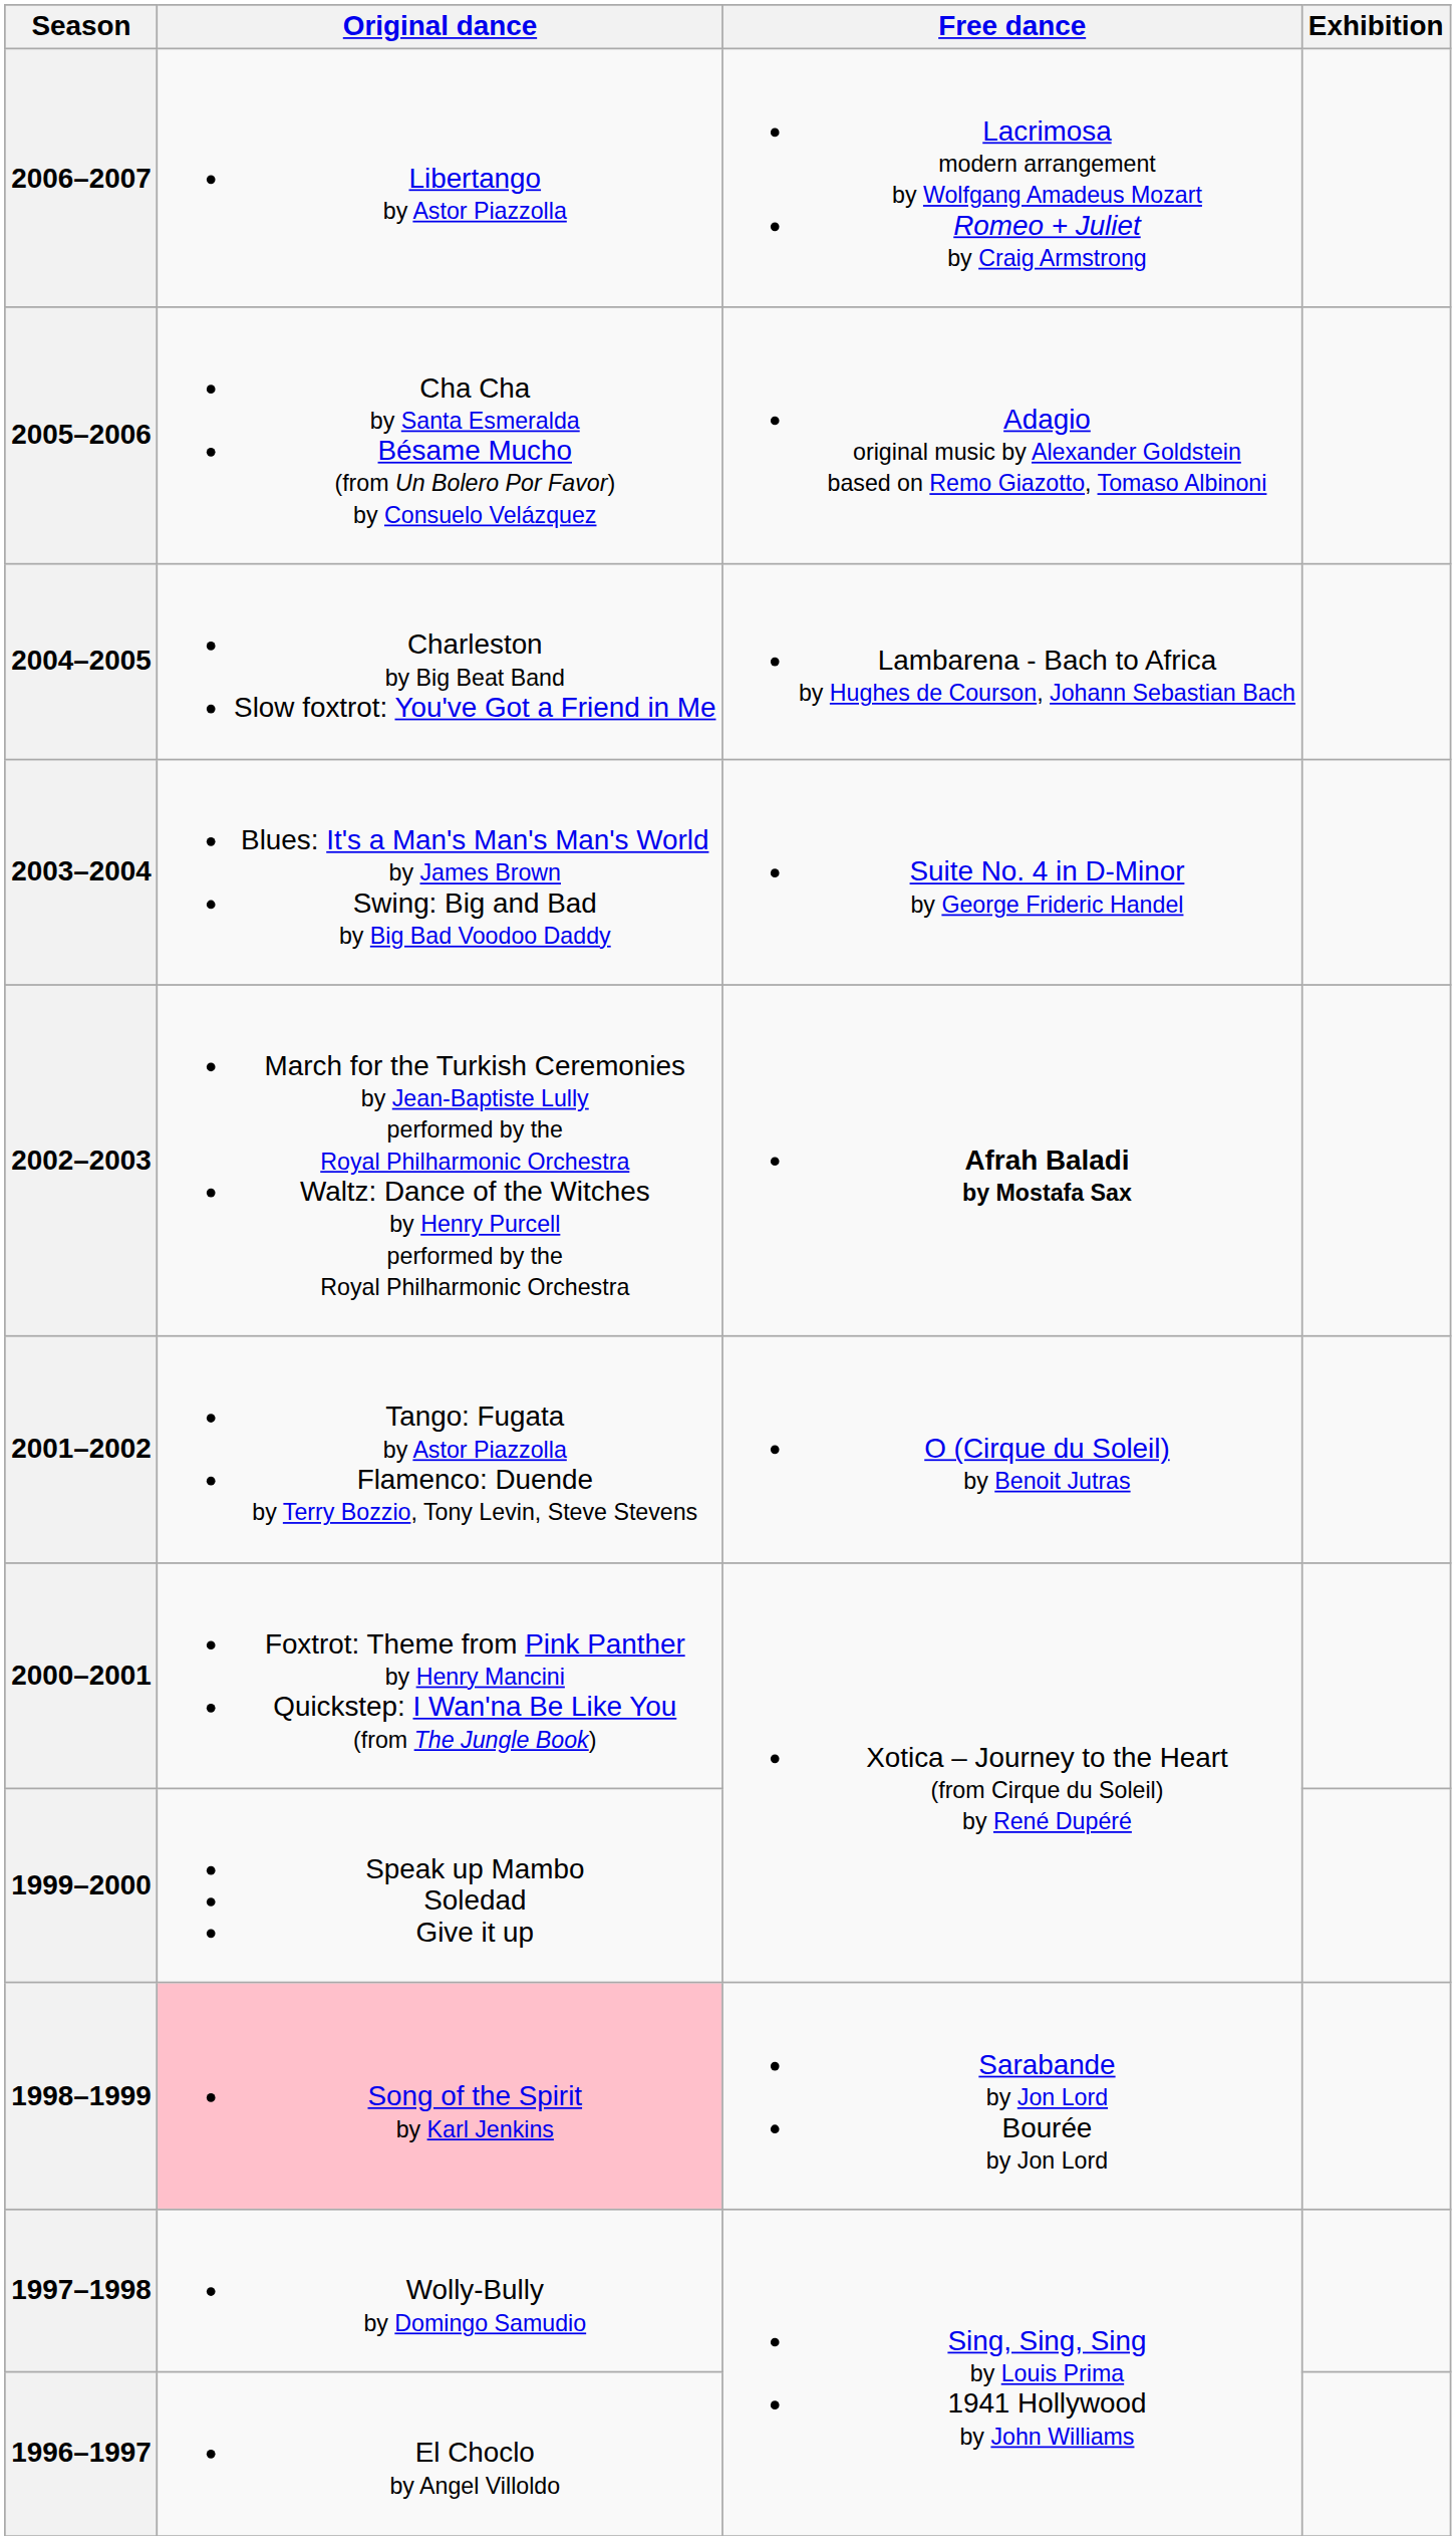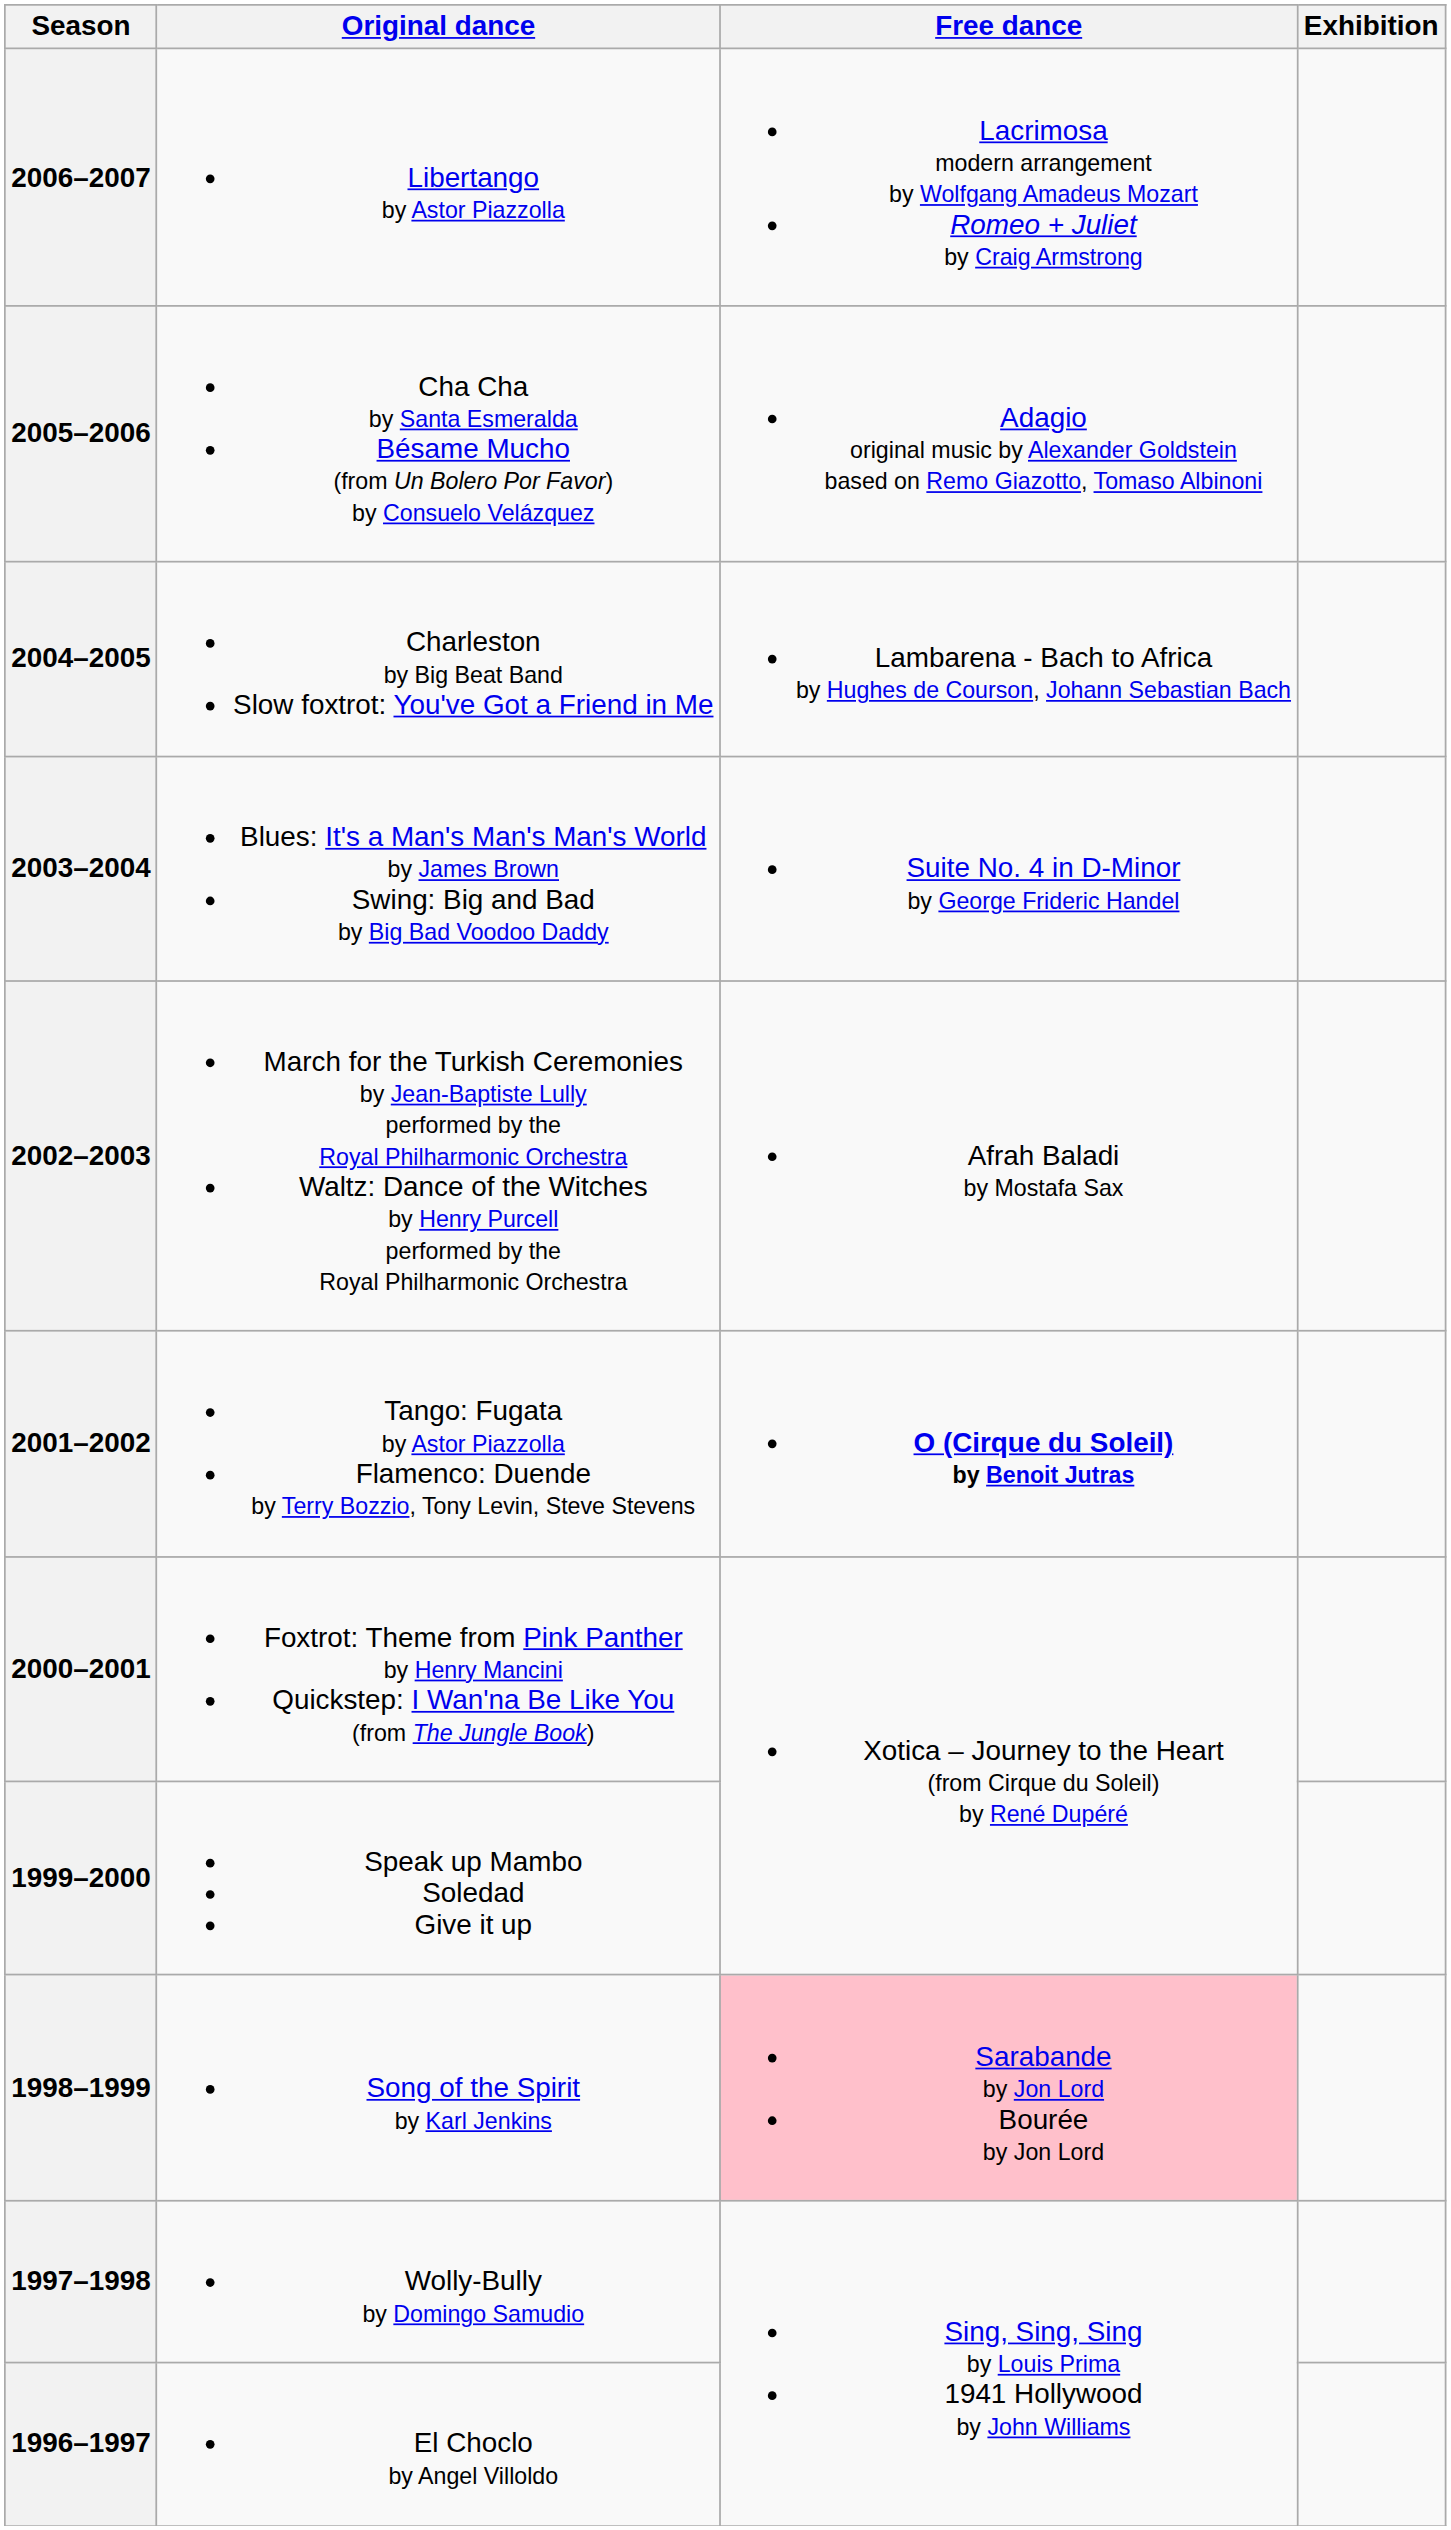 <table class="wikitable" style="text-align:center">
 <tr>
 <th>Season</th>
 <th><a href='#'>Original dance</a></th>
 <th><a href='#'>Free dance</a></th>
 <th>Exhibition</th>
 </tr>
 <tr>
 <th>2006–2007 <br> </th>
 <td><br><ul><li><a href='#'>Libertango</a> <br><small> by <a href='#'>Astor Piazzolla</a> </small></li></ul></td>
 <td><br><ul><li><a href='#'>Lacrimosa</a> <br><small> modern arrangement <br> by <a href='#'>Wolfgang Amadeus Mozart</a> </small></li><li><em><a href='#'>Romeo + Juliet</a></em> <br><small> by <a href='#'>Craig Armstrong</a></small></li></ul></td>
 <td></td>
 </tr>
 <tr>
 <th>2005–2006 <br> </th>
 <td><br><ul><li>Cha Cha <br><small> by <a href='#'>Santa Esmeralda</a> </small></li><li><a href='#'>Bésame Mucho</a> <br><small> (from <em>Un Bolero Por Favor</em>) <br> by <a href='#'>Consuelo Velázquez</a> </small></li></ul></td>
 <td><br><ul><li><a href='#'>Adagio</a> <br> <small> original music by <a href='#'>Alexander Goldstein</a>  <br> based on <a href='#'>Remo Giazotto</a>, <a href='#'>Tomaso Albinoni</a> </small></li></ul></td>
 <td></td>
 </tr>
 <tr>
 <th>2004–2005 <br> </th>
 <td><br><ul><li>Charleston <br><small> by Big Beat Band </small></li><li>Slow foxtrot: <a href='#'>You've Got a Friend in Me</a></li></ul></td>
 <td><br><ul><li>Lambarena - Bach to Africa <br><small> by <a href='#'>Hughes de Courson</a>, <a href='#'>Johann Sebastian Bach</a> </small></li></ul></td>
 <td></td>
 </tr>
 <tr>
 <th>2003–2004 <br> </th>
 <td><br><ul><li>Blues: <a href='#'>It's a Man's Man's Man's World</a> <br><small> by <a href='#'>James Brown</a> </small></li><li>Swing: Big and Bad <br><small> by <a href='#'>Big Bad Voodoo Daddy</a> </small></li></ul></td>
 <td><br><ul><li><a href='#'>Suite No. 4 in D-Minor</a> <br><small> by <a href='#'>George Frideric Handel</a> </small></li></ul></td>
 <td></td>
 </tr>
 <tr>
 <th>2002–2003 <br> </th>
 <td><br><ul><li>March for the Turkish Ceremonies <br><small> by <a href='#'>Jean-Baptiste Lully</a> <br> performed by the <br> <a href='#'>Royal Philharmonic Orchestra</a> </small></li><li>Waltz: Dance of the Witches <br><small> by <a href='#'>Henry Purcell</a> <br> performed by the <br> Royal Philharmonic Orchestra </small></li></ul></td>
-<td><strong><br><ul><li>Afrah Baladi  <br><small> by Mostafa Sax </small></li></ul></strong></td>
+<td><br><ul><li>Afrah Baladi  <br><small> by Mostafa Sax </small></li></ul></td>
 <td></td>
 </tr>
 <tr>
 <th>2001–2002 <br> </th>
 <td><br><ul><li>Tango: Fugata <br><small> by <a href='#'>Astor Piazzolla</a> </small></li><li>Flamenco: Duende <br><small> by <a href='#'>Terry Bozzio</a>, Tony Levin, Steve Stevens </small></li></ul></td>
-<td><br><ul><li><a href='#'>O (Cirque du Soleil)</a> <br><small> by <a href='#'>Benoit Jutras</a> </small></li></ul></td>
+<td><strong><br><ul><li><a href='#'>O (Cirque du Soleil)</a> <br><small> by <a href='#'>Benoit Jutras</a> </small></li></ul></strong></td>
 <td></td>
 </tr>
 <tr>
 <th>2000–2001 <br> </th>
 <td><br><ul><li>Foxtrot: Theme from <a href='#'>Pink Panther</a> <br><small> by <a href='#'>Henry Mancini</a> </small></li><li>Quickstep: <a href='#'>I Wan'na Be Like You</a> <br><small> (from <em><a href='#'>The Jungle Book</a></em>) </small></li></ul></td>
 <td rowspan=2><br><ul><li>Xotica – Journey to the Heart <br><small> (from Cirque du Soleil) <br> by <a href='#'>René Dupéré</a> </small></li></ul></td>
 <td></td>
 </tr>
 <tr>
 <th>1999–2000</th>
 <td><br><ul><li>Speak up Mambo</li><li>Soledad</li><li>Give it up</li></ul></td>
 <td></td>
 </tr>
 <tr>
 <th>1998–1999</th>
-<td style="background: pink;"><br><ul><li><a href='#'>Song of the Spirit</a> <br><small> by <a href='#'>Karl Jenkins</a> </small></li></ul></td>
-<td><br><ul><li><a href='#'>Sarabande</a> <br><small> by <a href='#'>Jon Lord</a> </small></li><li>Bourée <br><small> by Jon Lord </small></li></ul></td>
+<td><br><ul><li><a href='#'>Song of the Spirit</a> <br><small> by <a href='#'>Karl Jenkins</a> </small></li></ul></td>
+<td style="background: pink;"><br><ul><li><a href='#'>Sarabande</a> <br><small> by <a href='#'>Jon Lord</a> </small></li><li>Bourée <br><small> by Jon Lord </small></li></ul></td>
 <td></td>
 </tr>
 <tr>
 <th>1997–1998</th>
 <td><br><ul><li>Wolly-Bully <br><small> by <a href='#'>Domingo Samudio</a> </small></li></ul></td>
 <td rowspan=2><br><ul><li><a href='#'>Sing, Sing, Sing</a> <br><small> by <a href='#'>Louis Prima</a> </small></li><li>1941 Hollywood <br><small> by <a href='#'>John Williams</a> </small></li></ul></td>
 <td></td>
 </tr>
 <tr>
 <th>1996–1997</th>
 <td><br><ul><li>El Choclo <br><small> by Angel Villoldo </small></li></ul></td>
 <td></td>
 </tr>
 </table>
